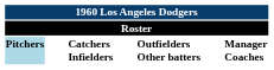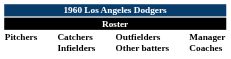 <table class="toccolours" style="font-size: 95%;">
 <tr>
 <th colspan="10" style="background-color: #083c6b; color: white; text-align: center;">1960 Los Angeles Dodgers</th>
 </tr>
 <tr>
 <td colspan="10" style="background-color: black; color: white; text-align: center;"><strong>Roster</strong></td>
 </tr>
 <tr>
-<td valign="top" style="background: lightblue;"><strong>Pitchers</strong><br>                    </td>
+<td valign="top"><strong>Pitchers</strong><br>                    </td>
 <td width="25px"></td>
 <td valign="top"><strong>Catchers</strong><br>    <strong>Infielders</strong>        </td>
 <td width="25px"></td>
 <td valign="top"><strong>Outfielders</strong><br>           <strong>Other batters</strong> </td>
 <td width="25px"></td>
 <td valign="top"><strong>Manager</strong><br> <strong>Coaches</strong>    </td>
 </tr>
 </table>
